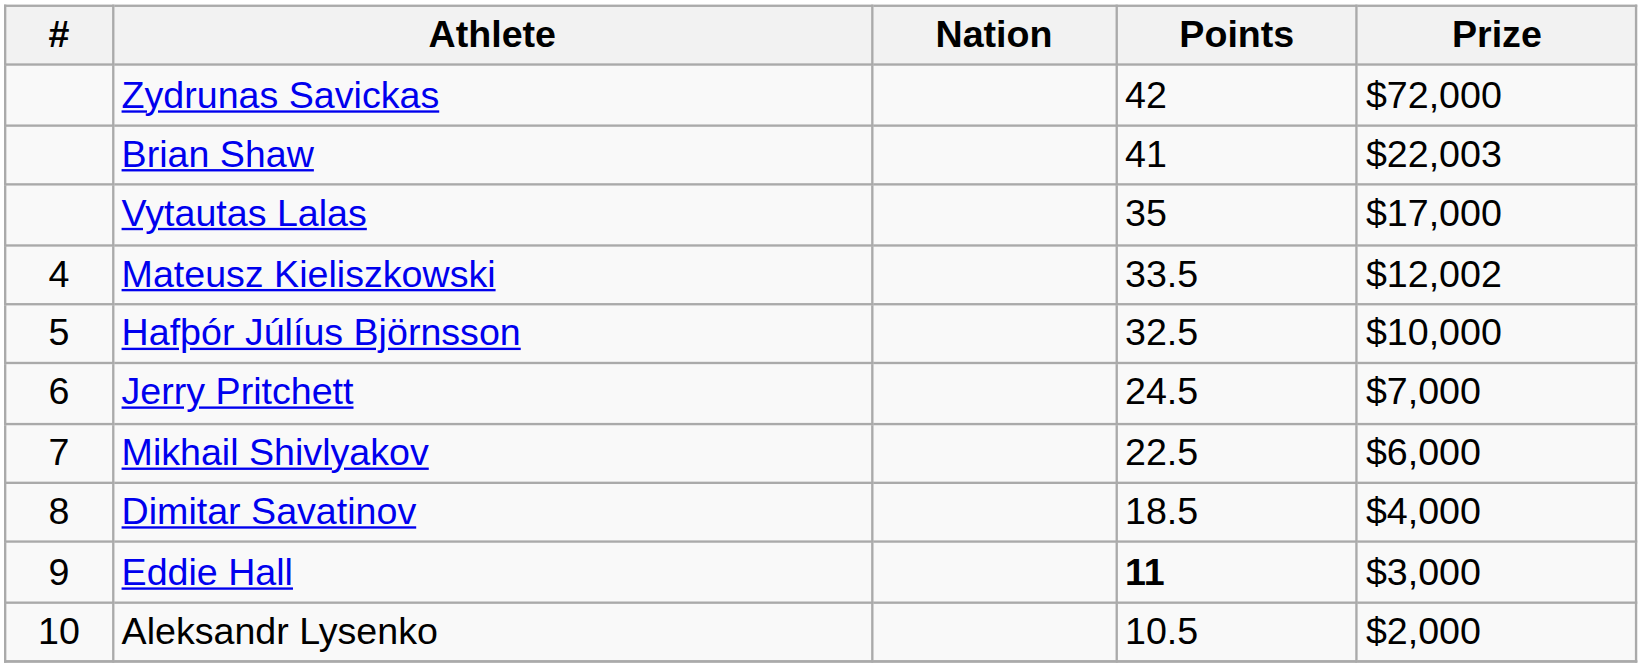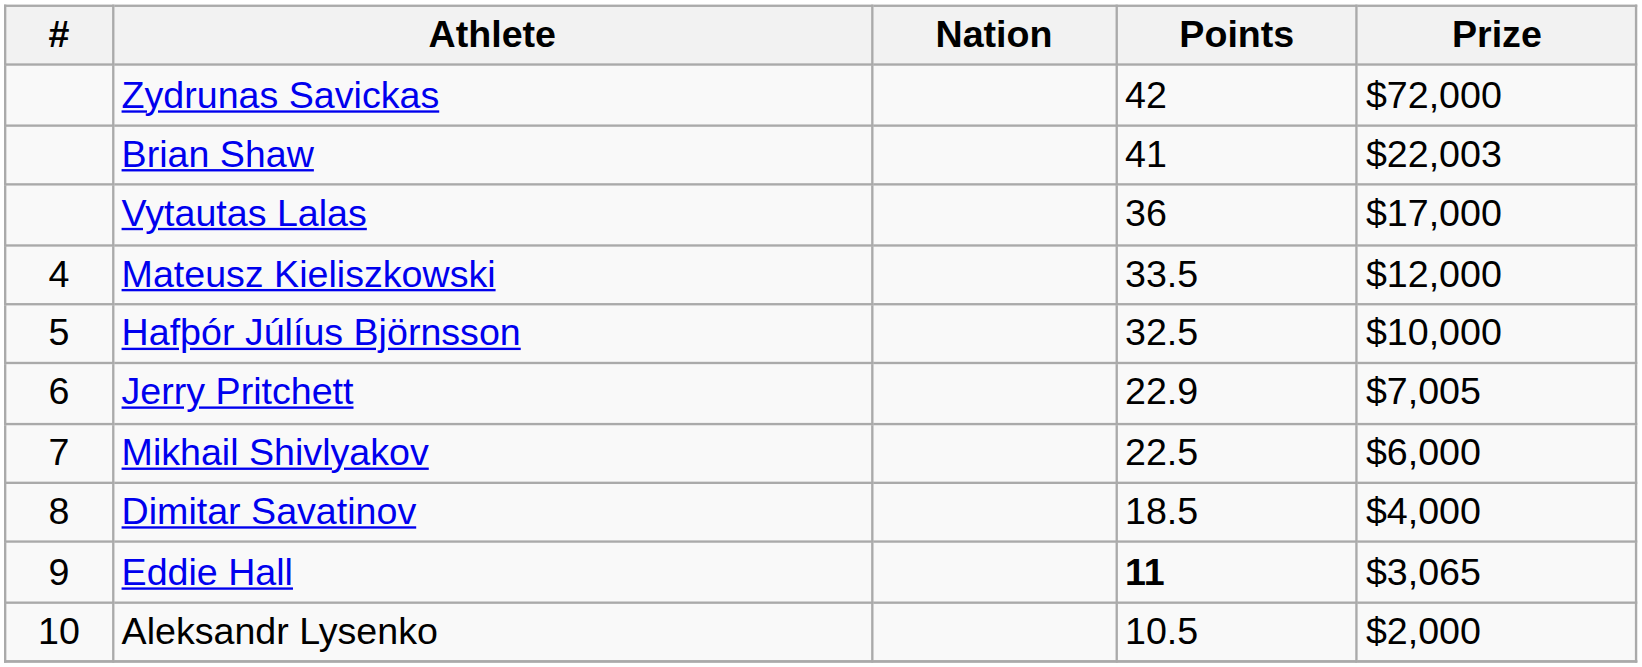 <table class="wikitable" style="display: inline-table;width: 55%;">
 <tr>
 <th scope="col">#</th>
 <th scope="col">Athlete</th>
 <th scope="col">Nation</th>
 <th scope="col">Points</th>
 <th scope="col">Prize</th>
 </tr>
 <tr>
 <td align="center"></td>
 <td><a href='#'>Zydrunas Savickas</a></td>
 <td></td>
 <td>42</td>
 <td>$72,000</td>
 </tr>
 <tr>
 <td align="center"></td>
 <td><a href='#'>Brian Shaw</a></td>
 <td></td>
 <td>41</td>
 <td>$22,003</td>
 </tr>
 <tr>
 <td align="center"></td>
 <td><a href='#'>Vytautas Lalas</a></td>
 <td></td>
-<td>35</td>
+<td>36</td>
 <td>$17,000</td>
 </tr>
 <tr>
 <td align="center">4</td>
 <td><a href='#'>Mateusz Kieliszkowski</a></td>
 <td></td>
 <td>33.5</td>
-<td>$12,002</td>
+<td>$12,000</td>
 </tr>
 <tr>
 <td align="center">5</td>
 <td><a href='#'>Hafþór Júlíus Björnsson</a></td>
 <td></td>
 <td>32.5</td>
 <td>$10,000</td>
 </tr>
 <tr>
 <td align="center">6</td>
 <td><a href='#'>Jerry Pritchett</a></td>
 <td></td>
-<td>24.5</td>
-<td>$7,000</td>
+<td>22.9</td>
+<td>$7,005</td>
 </tr>
 <tr>
 <td align="center">7</td>
 <td><a href='#'>Mikhail Shivlyakov</a></td>
 <td></td>
 <td>22.5</td>
 <td>$6,000</td>
 </tr>
 <tr>
 <td align="center">8</td>
 <td><a href='#'>Dimitar Savatinov</a></td>
 <td></td>
 <td>18.5</td>
 <td>$4,000</td>
 </tr>
 <tr>
 <td align="center">9</td>
 <td><a href='#'>Eddie Hall</a></td>
 <td></td>
 <td><strong>11</strong></td>
-<td>$3,000</td>
+<td>$3,065</td>
 </tr>
 <tr>
 <td align="center">10</td>
 <td>Aleksandr Lysenko</td>
 <td></td>
 <td>10.5</td>
 <td>$2,000</td>
 </tr>
 <tr>
 </tr>
 </table>
